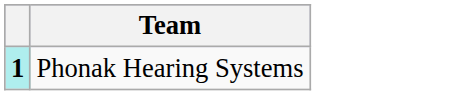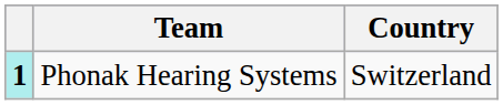 <table class="wikitable">
 <tr style="background:#ccccff;">
 <th></th>
 <th>Team</th>
+<th>Country</th>
 </tr>
 <tr>
 <td style="background: paleturquoise;"><strong>1</strong></td>
 <td>Phonak Hearing Systems</td>
+<td>Switzerland</td>
 </tr>
 </table>
